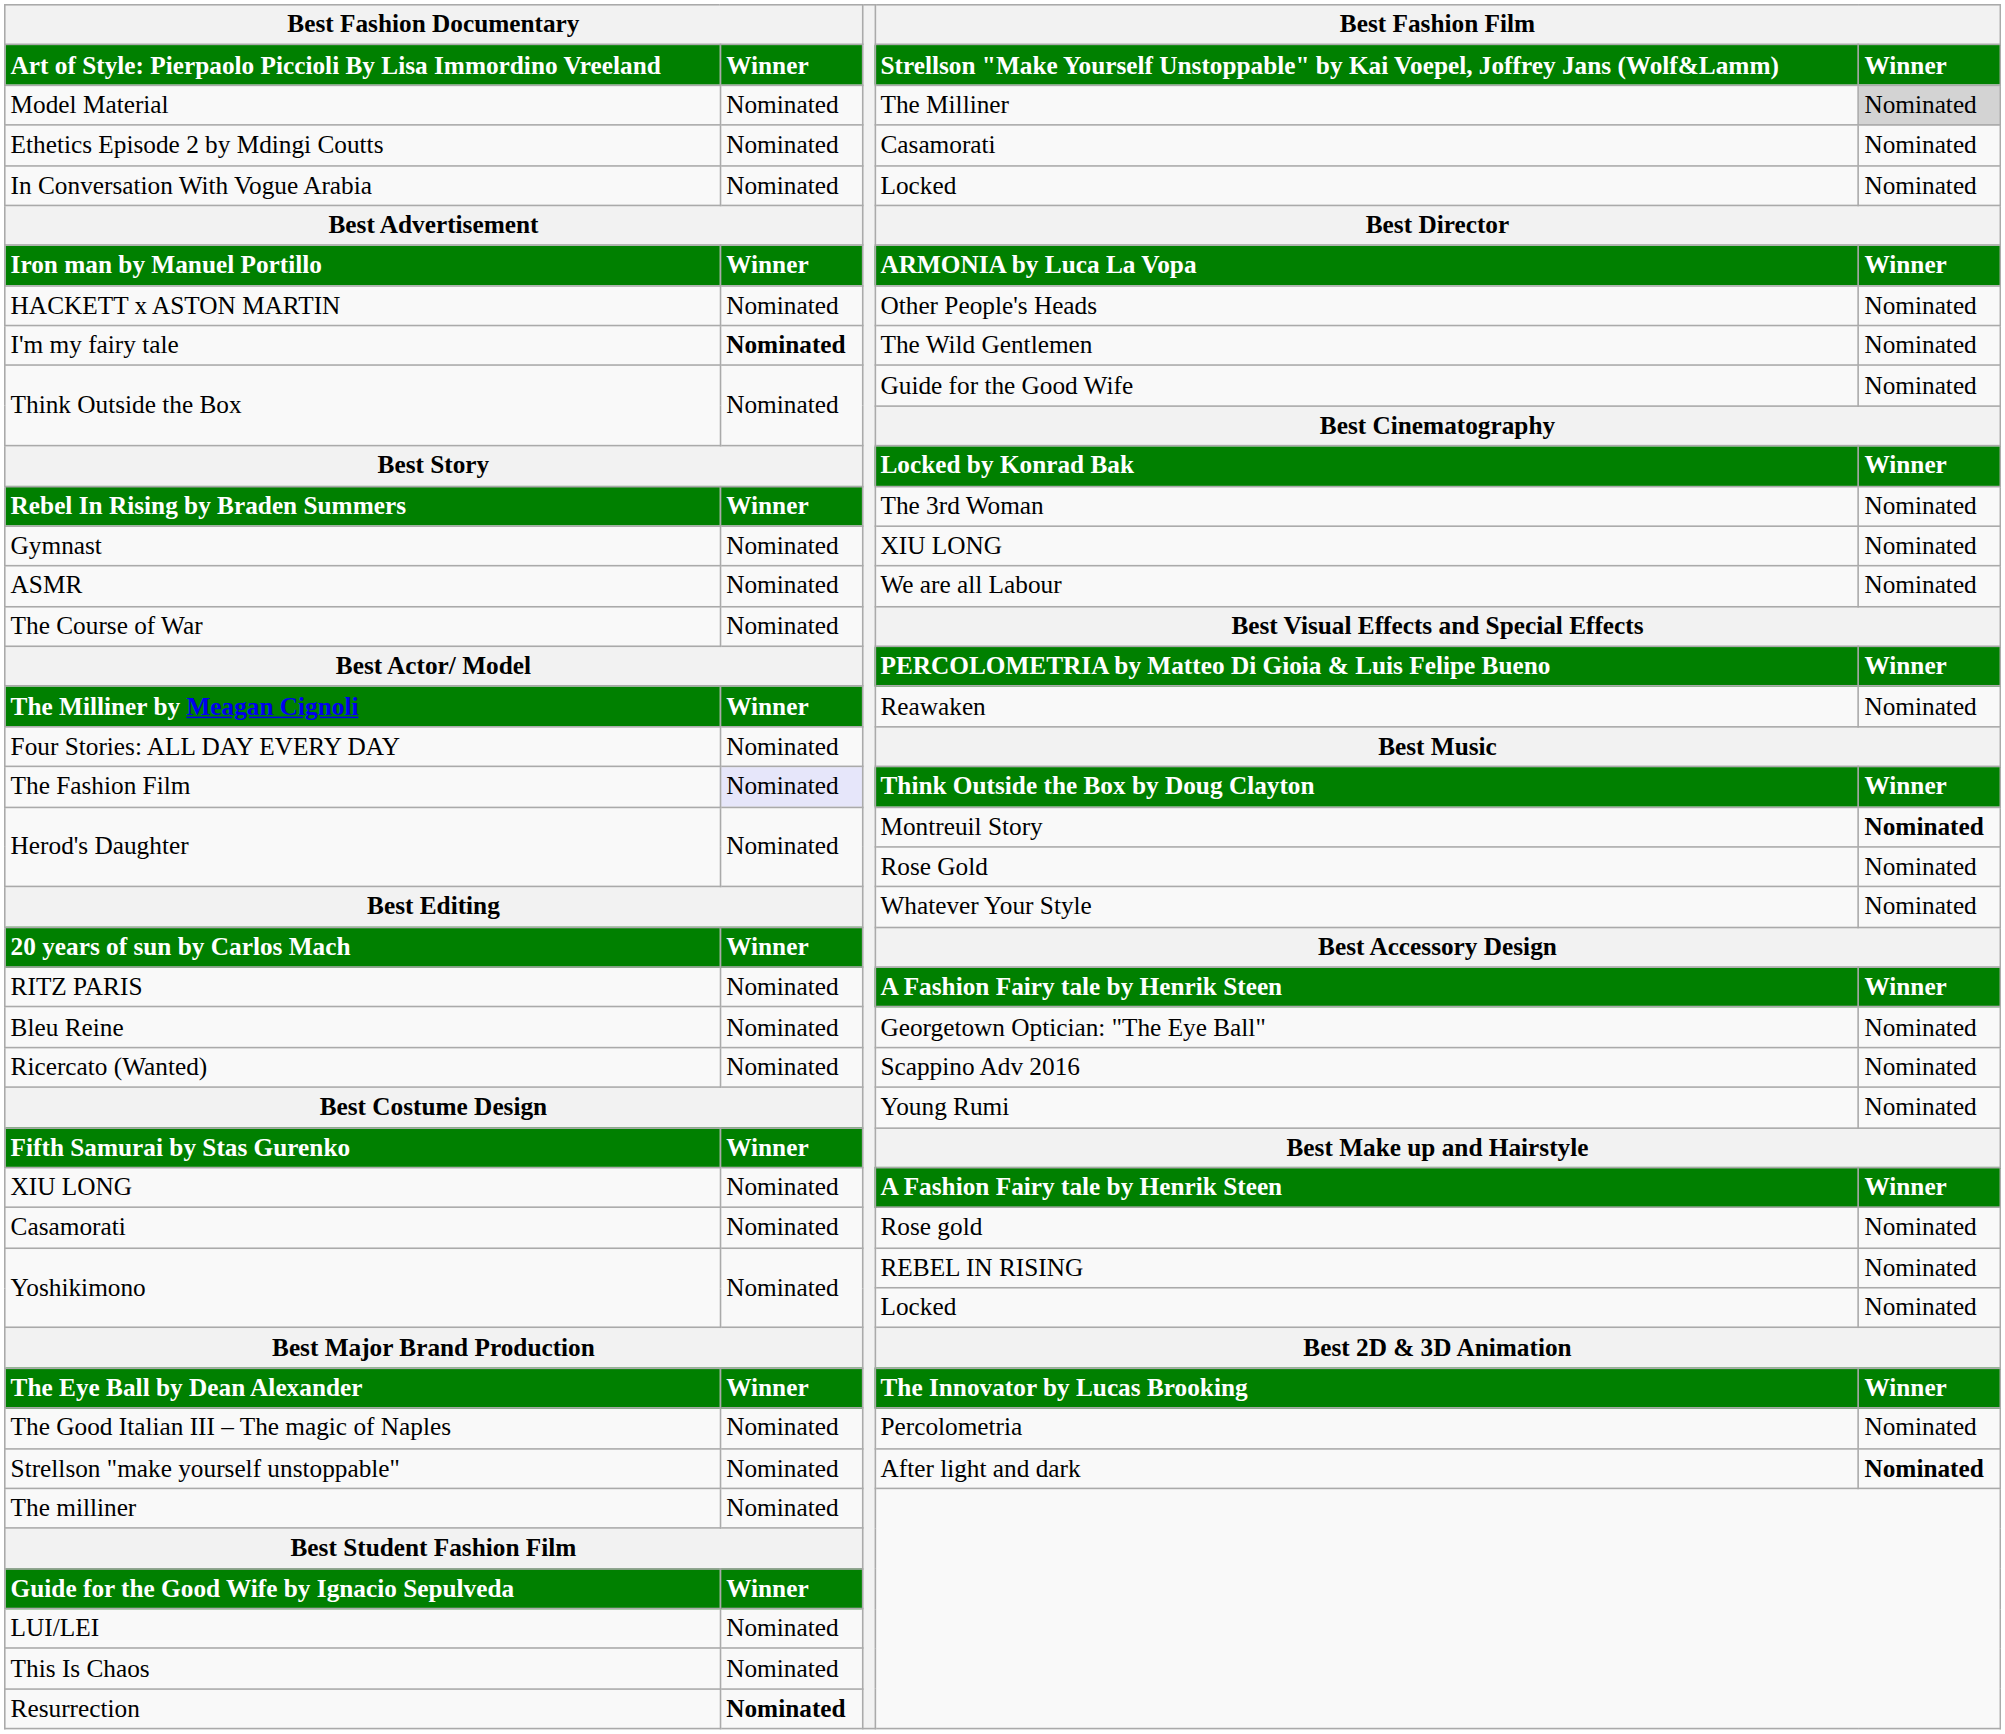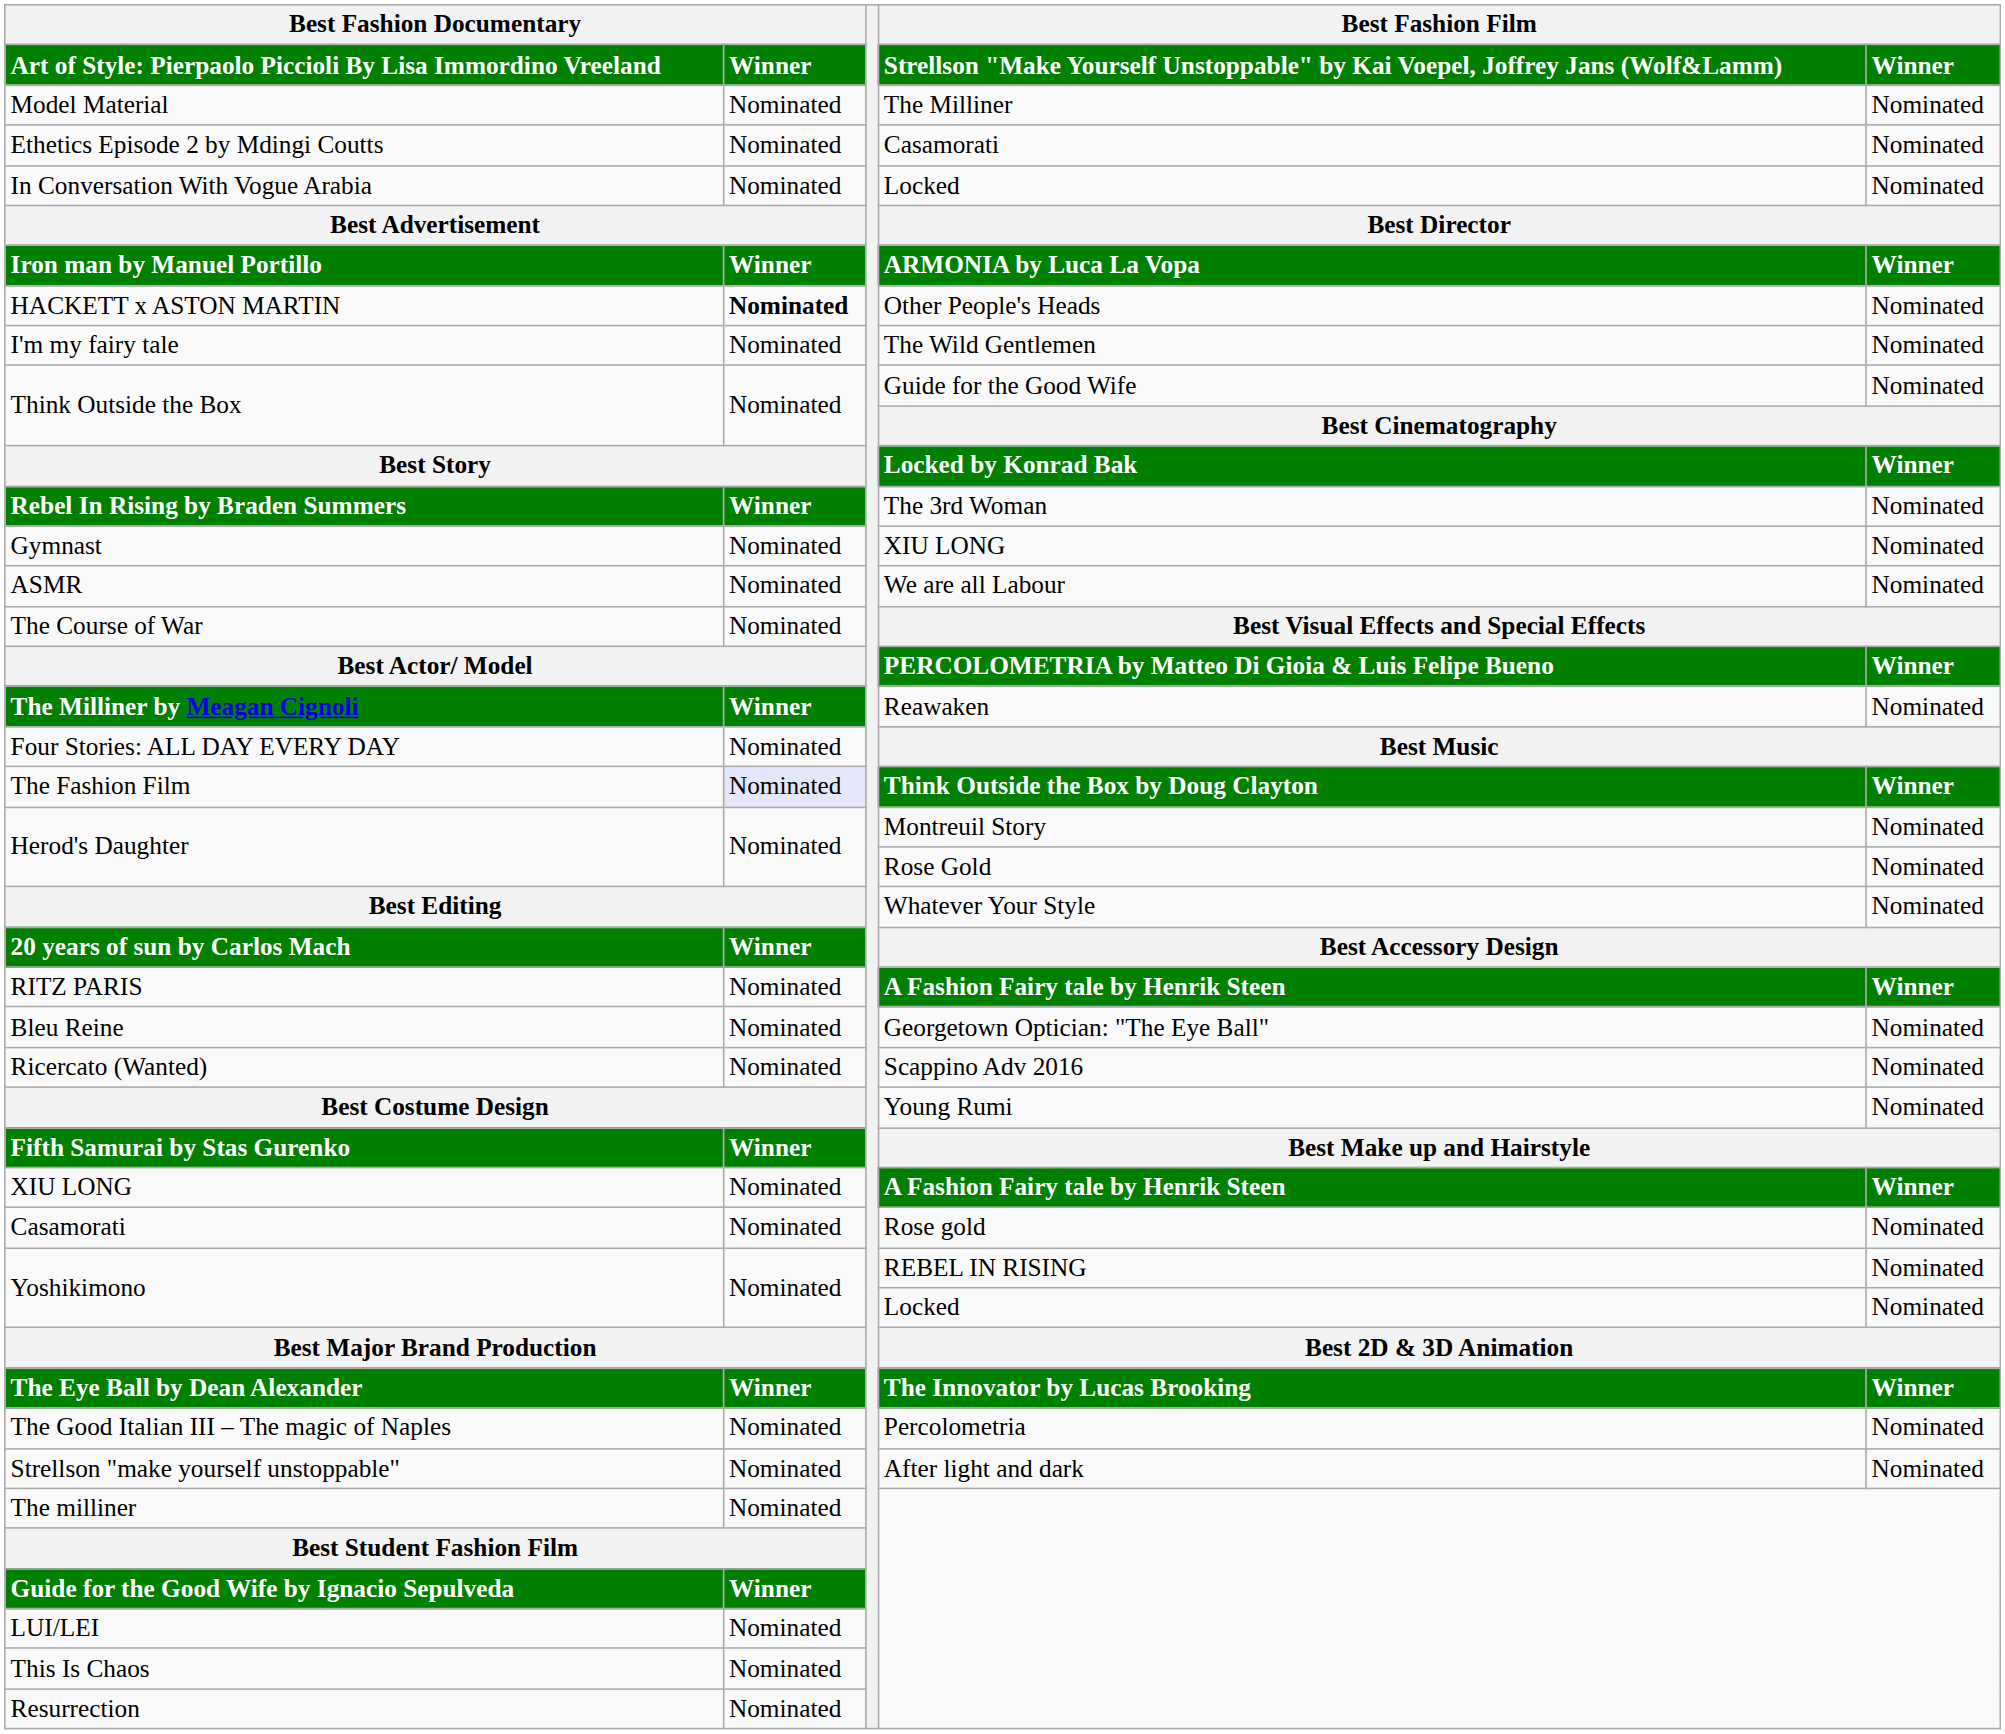 <table class="wikitable" style="width: 100%">
 <tr>
 <th colspan="2">Best Fashion Documentary</th>
 <th rowspan="43"></th>
 <th colspan="2">Best Fashion Film</th>
 </tr>
 <tr>
 <td style="background: green;color: white;"><strong>Art of Style: Pierpaolo Piccioli By Lisa Immordino Vreeland</strong></td>
 <td style="background: green;color: white;"><strong>Winner</strong></td>
 <td style="background: green;color: white;"><strong>Strellson "Make Yourself Unstoppable" by Kai Voepel, Joffrey Jans (Wolf&Lamm)</strong></td>
 <td style="background: green;color: white;"><strong>Winner</strong></td>
 </tr>
 <tr>
 <td>Model Material</td>
 <td>Nominated</td>
 <td>The Milliner</td>
-<td style="background: lightgrey;">Nominated</td>
+<td>Nominated</td>
 </tr>
 <tr>
 <td>Ethetics Episode 2 by Mdingi Coutts</td>
 <td>Nominated</td>
 <td>Casamorati</td>
 <td>Nominated</td>
 </tr>
 <tr>
 <td>In Conversation With Vogue Arabia</td>
 <td>Nominated</td>
 <td>Locked</td>
 <td>Nominated</td>
 </tr>
 <tr>
 <th colspan="2">Best Advertisement</th>
 <th colspan="2">Best Director</th>
 </tr>
 <tr>
 <td style="background: green;color: white;"><strong>Iron man by Manuel Portillo</strong></td>
 <td style="background: green;color: white;"><strong>Winner</strong></td>
 <td style="background: green;color: white;"><strong>ARMONIA by Luca La Vopa</strong></td>
 <td style="background: green;color: white;"><strong>Winner</strong></td>
 </tr>
 <tr>
 <td>HACKETT x ASTON MARTIN</td>
-<td>Nominated</td>
+<td><strong>Nominated</strong></td>
 <td>Other People's Heads</td>
 <td>Nominated</td>
 </tr>
 <tr>
 <td>I'm my fairy tale</td>
-<td><strong>Nominated</strong></td>
+<td>Nominated</td>
 <td>The Wild Gentlemen</td>
 <td>Nominated</td>
 </tr>
 <tr>
 <td rowspan="2">Think Outside the Box</td>
 <td rowspan="2">Nominated</td>
 <td>Guide for the Good Wife</td>
 <td>Nominated</td>
 </tr>
 <tr>
 <th colspan="2">Best Cinematography</th>
 </tr>
 <tr>
 <th colspan="2">Best Story</th>
 <td style="background: green;color: white;"><strong>Locked by Konrad Bak</strong></td>
 <td style="background: green;color: white;"><strong>Winner</strong></td>
 </tr>
 <tr>
 <td style="background: green;color: white;"><strong>Rebel In Rising by Braden Summers</strong></td>
 <td style="background: green;color: white;"><strong>Winner</strong></td>
 <td>The 3rd Woman</td>
 <td>Nominated</td>
 </tr>
 <tr>
 <td>Gymnast</td>
 <td>Nominated</td>
 <td>XIU LONG</td>
 <td>Nominated</td>
 </tr>
 <tr>
 <td>ASMR</td>
 <td>Nominated</td>
 <td>We are all Labour</td>
 <td>Nominated</td>
 </tr>
 <tr>
 <td>The Course of War</td>
 <td>Nominated</td>
 <th colspan="2">Best Visual Effects and Special Effects</th>
 </tr>
 <tr>
 <th colspan="2">Best Actor/ Model</th>
 <td style="background: green;color: white;"><strong>PERCOLOMETRIA by Matteo Di Gioia & Luis Felipe Bueno</strong></td>
 <td style="background: green;color: white;"><strong>Winner</strong></td>
 </tr>
 <tr>
 <td style="background: green;color: white;"><strong>The Milliner by <a href='#'>Meagan Cignoli</a></strong></td>
 <td style="background: green;color: white;"><strong>Winner</strong></td>
 <td>Reawaken</td>
 <td>Nominated</td>
 </tr>
 <tr>
 <td>Four Stories: ALL DAY EVERY DAY</td>
 <td>Nominated</td>
 <th colspan="2">Best Music</th>
 </tr>
 <tr>
 <td>The Fashion Film</td>
 <td style="background: lavender;">Nominated</td>
 <td style="background: green;color: white;"><strong>Think Outside the Box by Doug Clayton</strong></td>
 <td style="background: green;color: white;"><strong>Winner</strong></td>
 </tr>
 <tr>
 <td rowspan="2">Herod's Daughter</td>
 <td rowspan="2">Nominated</td>
 <td>Montreuil Story</td>
-<td><strong>Nominated</strong></td>
+<td>Nominated</td>
 </tr>
 <tr>
 <td>Rose Gold</td>
 <td>Nominated</td>
 </tr>
 <tr>
 <th colspan="2">Best Editing</th>
 <td>Whatever Your Style</td>
 <td>Nominated</td>
 </tr>
 <tr>
 <td style="background: green;color: white;"><strong>20 years of sun by Carlos Mach</strong></td>
 <td style="background: green;color: white;"><strong>Winner</strong></td>
 <th colspan="2">Best Accessory Design</th>
 </tr>
 <tr>
 <td>RITZ PARIS</td>
 <td>Nominated</td>
 <td style="background: green;color: white;"><strong>A Fashion Fairy tale by Henrik Steen</strong></td>
 <td style="background: green;color: white;"><strong>Winner</strong></td>
 </tr>
 <tr>
 <td>Bleu Reine</td>
 <td>Nominated</td>
 <td>Georgetown Optician: "The Eye Ball"</td>
 <td>Nominated</td>
 </tr>
 <tr>
 <td>Ricercato (Wanted)</td>
 <td>Nominated</td>
 <td>Scappino Adv 2016</td>
 <td>Nominated</td>
 </tr>
 <tr>
 <th colspan="2">Best Costume Design</th>
 <td>Young Rumi</td>
 <td>Nominated</td>
 </tr>
 <tr>
 <td style="background: green;color: white;"><strong>Fifth Samurai by Stas Gurenko</strong></td>
 <td style="background: green;color: white;"><strong>Winner</strong></td>
 <th colspan="2">Best Make up and Hairstyle</th>
 </tr>
 <tr>
 <td>XIU LONG</td>
 <td>Nominated</td>
 <td style="background: green;color: white;"><strong>A Fashion Fairy tale by Henrik Steen</strong></td>
 <td style="background: green;color: white;"><strong>Winner</strong></td>
 </tr>
 <tr>
 <td>Casamorati</td>
 <td>Nominated</td>
 <td>Rose gold</td>
 <td>Nominated</td>
 </tr>
 <tr>
 <td rowspan="2">Yoshikimono</td>
 <td rowspan="2">Nominated</td>
 <td>REBEL IN RISING</td>
 <td>Nominated</td>
 </tr>
 <tr>
 <td>Locked</td>
 <td>Nominated</td>
 </tr>
 <tr>
 <th colspan="2">Best Major Brand Production</th>
 <th colspan="2">Best 2D & 3D Animation</th>
 </tr>
 <tr>
 <td style="background: green;color: white;"><strong>The Eye Ball by Dean Alexander</strong></td>
 <td style="background: green;color: white;"><strong>Winner</strong></td>
 <td style="background: green;color: white;"><strong>The Innovator by Lucas Brooking</strong></td>
 <td style="background: green;color: white;"><strong>Winner</strong></td>
 </tr>
 <tr>
 <td>The Good Italian III – The magic of Naples</td>
 <td>Nominated</td>
 <td>Percolometria</td>
 <td>Nominated</td>
 </tr>
 <tr>
 <td>Strellson "make yourself unstoppable"</td>
 <td>Nominated</td>
 <td>After light and dark</td>
-<td><strong>Nominated</strong></td>
+<td>Nominated</td>
 </tr>
 <tr>
 <td>The milliner</td>
 <td>Nominated</td>
 <td colspan="2" rowspan="6"></td>
 </tr>
 <tr>
 <th colspan="2">Best Student Fashion Film</th>
 </tr>
 <tr>
 <td style="background: green;color: white;"><strong>Guide for the Good Wife by Ignacio Sepulveda</strong></td>
 <td style="background: green;color: white;"><strong>Winner</strong></td>
 </tr>
 <tr>
 <td>LUI/LEI</td>
 <td>Nominated</td>
 </tr>
 <tr>
 <td>This Is Chaos</td>
 <td>Nominated</td>
 </tr>
 <tr>
 <td>Resurrection</td>
-<td><strong>Nominated</strong></td>
+<td>Nominated</td>
 </tr>
 </table>
